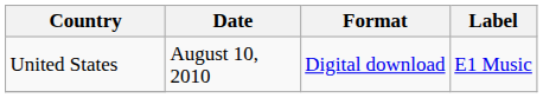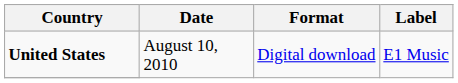 <table class="wikitable">
 <tr>
 <th width="120">Country</th>
 <th width="100">Date</th>
 <th>Format</th>
 <th>Label</th>
 </tr>
 <tr>
-<td>United States</td>
+<td><strong>United States</strong></td>
 <td rowspan="2">August 10, 2010</td>
 <td rowspan="2"><a href='#'>Digital download</a></td>
 <td rowspan="2"><a href='#'>E1 Music</a></td>
 </tr>
 <tr>
 </tr>
 </table>
